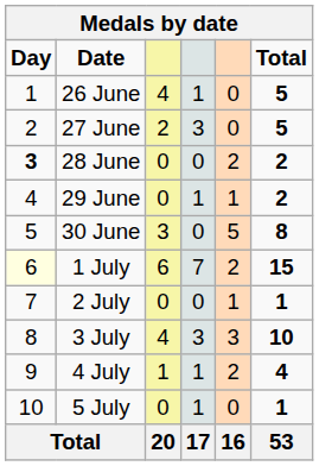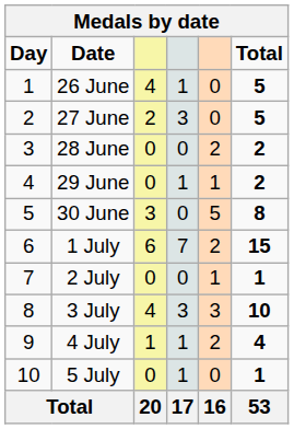 <table class="wikitable" style="font-size:85%; text-align:center;">
 <tr style="background:#efefef;">
 <th colspan=6><strong>Medals by date</strong></th>
 </tr>
 <tr>
 <td><strong>Day</strong></td>
 <td><strong>Date</strong></td>
 <td style="background:#F7F6A8;"></td>
 <td style="background:#DCE5E5;"></td>
 <td style="background:#FFDAB9;"></td>
 <td><strong>Total</strong></td>
 </tr>
 <tr>
 <td>1</td>
 <td>26 June</td>
 <td style="background:#F7F6A8;">4</td>
 <td style="background:#DCE5E5;">1</td>
 <td style="background:#FFDAB9;">0</td>
 <td><strong>5</strong></td>
 </tr>
 <tr>
 <td>2</td>
 <td>27 June</td>
 <td style="background:#F7F6A8;">2</td>
 <td style="background:#DCE5E5;">3</td>
 <td style="background:#FFDAB9;">0</td>
 <td><strong>5</strong></td>
 </tr>
 <tr>
-<td><strong>3</strong></td>
+<td>3</td>
 <td>28 June</td>
 <td style="background:#F7F6A8;">0</td>
 <td style="background:#DCE5E5;">0</td>
 <td style="background:#FFDAB9;">2</td>
 <td><strong>2</strong></td>
 </tr>
 <tr>
 <td>4</td>
 <td>29 June</td>
 <td style="background:#F7F6A8;">0</td>
 <td style="background:#DCE5E5;">1</td>
 <td style="background:#FFDAB9;">1</td>
 <td><strong>2</strong></td>
 </tr>
 <tr>
 <td>5</td>
 <td>30 June</td>
 <td style="background:#F7F6A8;">3</td>
 <td style="background:#DCE5E5;">0</td>
 <td style="background:#FFDAB9;">5</td>
 <td><strong>8</strong></td>
 </tr>
 <tr>
-<td style="background: lightyellow;">6</td>
+<td>6</td>
 <td>1 July</td>
 <td style="background:#F7F6A8;">6</td>
 <td style="background:#DCE5E5;">7</td>
 <td style="background:#FFDAB9;">2</td>
 <td><strong>15</strong></td>
 </tr>
 <tr>
 <td>7</td>
 <td>2 July</td>
 <td style="background:#F7F6A8;">0</td>
 <td style="background:#DCE5E5;">0</td>
 <td style="background:#FFDAB9;">1</td>
 <td><strong>1</strong></td>
 </tr>
 <tr>
 <td>8</td>
 <td>3 July</td>
 <td style="background:#F7F6A8;">4</td>
 <td style="background:#DCE5E5;">3</td>
 <td style="background:#FFDAB9;">3</td>
 <td><strong>10</strong></td>
 </tr>
 <tr>
 <td>9</td>
 <td>4 July</td>
 <td style="background:#F7F6A8;">1</td>
 <td style="background:#DCE5E5;">1</td>
 <td style="background:#FFDAB9;">2</td>
 <td><strong>4</strong></td>
 </tr>
 <tr>
 <td>10</td>
 <td>5 July</td>
 <td style="background:#F7F6A8;">0</td>
 <td style="background:#DCE5E5;">1</td>
 <td style="background:#FFDAB9;">0</td>
 <td><strong>1</strong></td>
 </tr>
 <tr>
 <th colspan="2">Total</th>
 <th>20</th>
 <th>17</th>
 <th>16</th>
 <th>53</th>
 </tr>
 </table>
